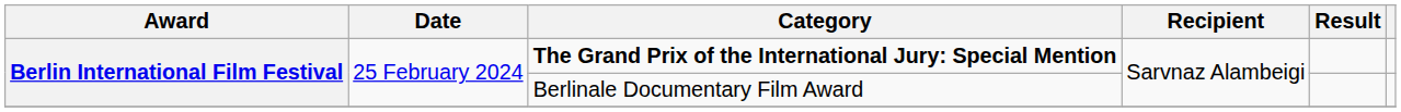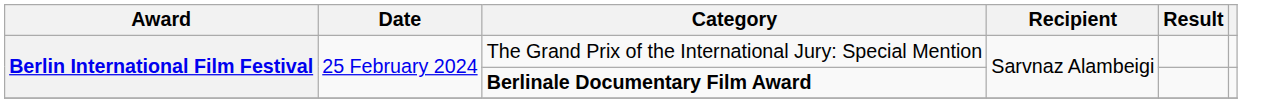 <table class="wikitable sortable plainrowheaders">
 <tr>
 <th>Award</th>
 <th>Date</th>
 <th>Category</th>
 <th>Recipient</th>
 <th>Result</th>
 <th></th>
 </tr>
 <tr>
 <th scope="row" rowspan="2"><a href='#'>Berlin International Film Festival</a></th>
 <td rowspan="2"><a href='#'>25 February 2024</a></td>
-<td><strong>The Grand Prix of the International Jury: Special Mention</strong></td>
+<td>The Grand Prix of the International Jury: Special Mention</td>
 <td rowspan="2">Sarvnaz Alambeigi</td>
 <td></td>
 <td align="center" rowspan="1"></td>
 </tr>
 <tr>
-<td>Berlinale Documentary Film Award</td>
+<td><strong>Berlinale Documentary Film Award</strong></td>
 <td></td>
 <td align="center"></td>
 </tr>
 <tr>
 </tr>
 </table>
